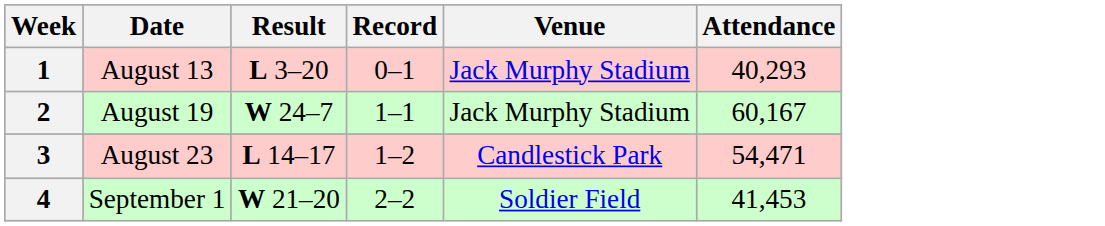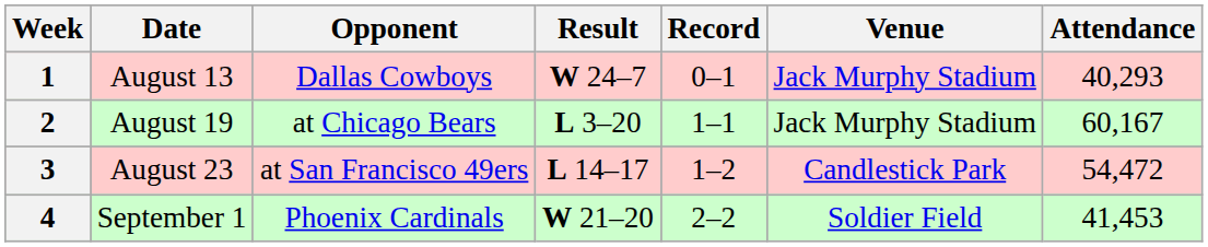 <table class="wikitable" style="text-align:center">
 <tr>
 <th>Week</th>
 <th>Date</th>
+<th>Opponent</th>
 <th>Result</th>
 <th>Record</th>
 <th>Venue</th>
 <th>Attendance</th>
 </tr>
 <tr style="background: #fcc;">
 <th>1</th>
 <td>August 13</td>
-<td><strong>L</strong> 3–20</td>
+<td><a href='#'>Dallas Cowboys</a></td>
+<td><strong>W</strong> 24–7</td>
 <td>0–1</td>
 <td><a href='#'>Jack Murphy Stadium</a></td>
 <td>40,293</td>
 </tr>
 <tr style="background: #cfc;">
 <th>2</th>
 <td>August 19</td>
-<td><strong>W</strong> 24–7</td>
+<td>at <a href='#'>Chicago Bears</a></td>
+<td><strong>L</strong> 3–20</td>
 <td>1–1</td>
 <td>Jack Murphy Stadium</td>
 <td>60,167</td>
 </tr>
 <tr style="background: #fcc;">
 <th>3</th>
 <td>August 23</td>
+<td>at <a href='#'>San Francisco 49ers</a></td>
 <td><strong>L</strong> 14–17</td>
 <td>1–2</td>
 <td><a href='#'>Candlestick Park</a></td>
-<td>54,471</td>
+<td>54,472</td>
 </tr>
 <tr style="background: #cfc;">
 <th>4</th>
 <td>September 1</td>
+<td><a href='#'>Phoenix Cardinals</a></td>
 <td><strong>W</strong> 21–20</td>
 <td>2–2</td>
 <td><a href='#'>Soldier Field</a></td>
 <td>41,453</td>
 </tr>
 </table>
